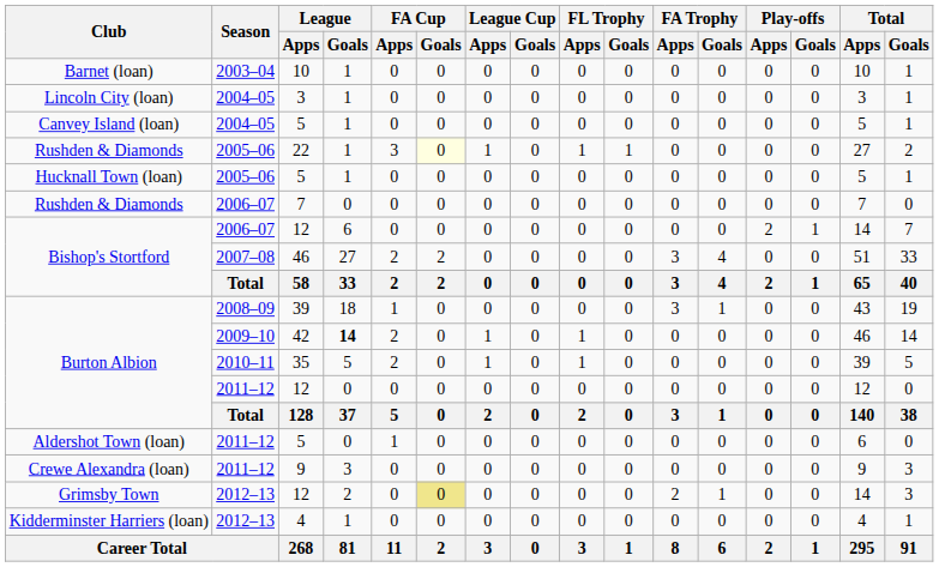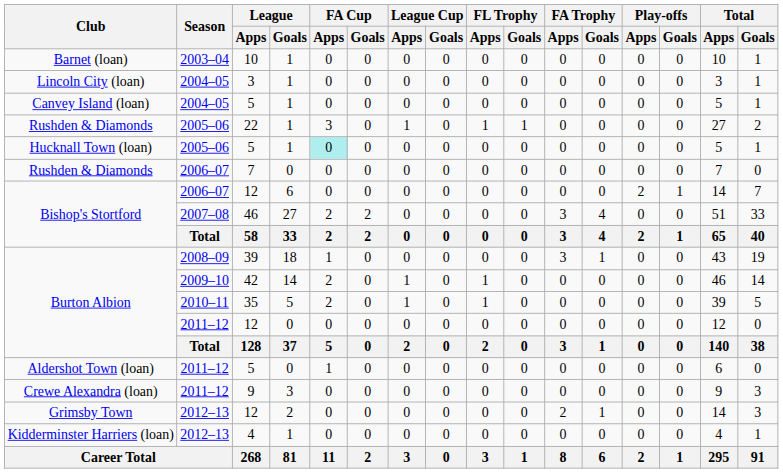 <table class="wikitable" style="text-align:center">
 <tr>
 <th rowspan=2>Club</th>
 <th rowspan=2>Season</th>
 <th colspan=2>League</th>
 <th colspan=2>FA Cup</th>
 <th colspan=2>League Cup</th>
 <th colspan=2>FL Trophy</th>
 <th colspan=2>FA Trophy</th>
 <th colspan=2>Play-offs</th>
 <th colspan=2>Total</th>
 </tr>
 <tr>
 <th>Apps</th>
 <th>Goals</th>
 <th>Apps</th>
 <th>Goals</th>
 <th>Apps</th>
 <th>Goals</th>
 <th>Apps</th>
 <th>Goals</th>
 <th>Apps</th>
 <th>Goals</th>
 <th>Apps</th>
 <th>Goals</th>
 <th>Apps</th>
 <th>Goals</th>
 </tr>
 <tr>
 <td rowspan=1 valign="center"><a href='#'>Barnet</a> (loan)</td>
 <td><a href='#'>2003–04</a></td>
 <td>10</td>
 <td>1</td>
 <td>0</td>
 <td>0</td>
 <td>0</td>
 <td>0</td>
 <td>0</td>
 <td>0</td>
 <td>0</td>
 <td>0</td>
 <td>0</td>
 <td>0</td>
 <td>10</td>
 <td>1</td>
 </tr>
 <tr>
 <td rowspan=1 valign="center"><a href='#'>Lincoln City</a> (loan)</td>
 <td><a href='#'>2004–05</a></td>
 <td>3</td>
 <td>1</td>
 <td>0</td>
 <td>0</td>
 <td>0</td>
 <td>0</td>
 <td>0</td>
 <td>0</td>
 <td>0</td>
 <td>0</td>
 <td>0</td>
 <td>0</td>
 <td>3</td>
 <td>1</td>
 </tr>
 <tr>
 <td rowspan=1 valign="center"><a href='#'>Canvey Island</a> (loan)</td>
 <td><a href='#'>2004–05</a></td>
 <td>5</td>
 <td>1</td>
 <td>0</td>
 <td>0</td>
 <td>0</td>
 <td>0</td>
 <td>0</td>
 <td>0</td>
 <td>0</td>
 <td>0</td>
 <td>0</td>
 <td>0</td>
 <td>5</td>
 <td>1</td>
 </tr>
 <tr>
 <td rowspan=1 valign="center"><a href='#'>Rushden & Diamonds</a></td>
 <td><a href='#'>2005–06</a></td>
 <td>22</td>
 <td>1</td>
 <td>3</td>
-<td style="background: lightyellow;">0</td>
+<td>0</td>
 <td>1</td>
 <td>0</td>
 <td>1</td>
 <td>1</td>
 <td>0</td>
 <td>0</td>
 <td>0</td>
 <td>0</td>
 <td>27</td>
 <td>2</td>
 </tr>
 <tr>
 <td rowspan=1 valign="center"><a href='#'>Hucknall Town</a> (loan)</td>
 <td><a href='#'>2005–06</a></td>
 <td>5</td>
 <td>1</td>
-<td>0</td>
+<td style="background: paleturquoise;">0</td>
 <td>0</td>
 <td>0</td>
 <td>0</td>
 <td>0</td>
 <td>0</td>
 <td>0</td>
 <td>0</td>
 <td>0</td>
 <td>0</td>
 <td>5</td>
 <td>1</td>
 </tr>
 <tr>
 <td rowspan=1 valign="center"><a href='#'>Rushden & Diamonds</a></td>
 <td><a href='#'>2006–07</a></td>
 <td>7</td>
 <td>0</td>
 <td>0</td>
 <td>0</td>
 <td>0</td>
 <td>0</td>
 <td>0</td>
 <td>0</td>
 <td>0</td>
 <td>0</td>
 <td>0</td>
 <td>0</td>
 <td>7</td>
 <td>0</td>
 </tr>
 <tr>
 <td rowspan=3 valign="center"><a href='#'>Bishop's Stortford</a></td>
 <td><a href='#'>2006–07</a></td>
 <td>12</td>
 <td>6</td>
 <td>0</td>
 <td>0</td>
 <td>0</td>
 <td>0</td>
 <td>0</td>
 <td>0</td>
 <td>0</td>
 <td>0</td>
 <td>2</td>
 <td>1</td>
 <td>14</td>
 <td>7</td>
 </tr>
 <tr>
 <td><a href='#'>2007–08</a></td>
 <td>46</td>
 <td>27</td>
 <td>2</td>
 <td>2</td>
 <td>0</td>
 <td>0</td>
 <td>0</td>
 <td>0</td>
 <td>3</td>
 <td>4</td>
 <td>0</td>
 <td>0</td>
 <td>51</td>
 <td>33</td>
 </tr>
 <tr>
 <th>Total</th>
 <th>58</th>
 <th>33</th>
 <th>2</th>
 <th>2</th>
 <th>0</th>
 <th>0</th>
 <th>0</th>
 <th>0</th>
 <th>3</th>
 <th>4</th>
 <th>2</th>
 <th>1</th>
 <th>65</th>
 <th>40</th>
 </tr>
 <tr>
 <td rowspan=5 valign="center"><a href='#'>Burton Albion</a></td>
 <td><a href='#'>2008–09</a></td>
 <td>39</td>
 <td>18</td>
 <td>1</td>
 <td>0</td>
 <td>0</td>
 <td>0</td>
 <td>0</td>
 <td>0</td>
 <td>3</td>
 <td>1</td>
 <td>0</td>
 <td>0</td>
 <td>43</td>
 <td>19</td>
 </tr>
 <tr>
 <td><a href='#'>2009–10</a></td>
 <td>42</td>
-<td><strong>14</strong></td>
+<td>14</td>
 <td>2</td>
 <td>0</td>
 <td>1</td>
 <td>0</td>
 <td>1</td>
 <td>0</td>
 <td>0</td>
 <td>0</td>
 <td>0</td>
 <td>0</td>
 <td>46</td>
 <td>14</td>
 </tr>
 <tr>
 <td><a href='#'>2010–11</a></td>
 <td>35</td>
 <td>5</td>
 <td>2</td>
 <td>0</td>
 <td>1</td>
 <td>0</td>
 <td>1</td>
 <td>0</td>
 <td>0</td>
 <td>0</td>
 <td>0</td>
 <td>0</td>
 <td>39</td>
 <td>5</td>
 </tr>
 <tr>
 <td><a href='#'>2011–12</a></td>
 <td>12</td>
 <td>0</td>
 <td>0</td>
 <td>0</td>
 <td>0</td>
 <td>0</td>
 <td>0</td>
 <td>0</td>
 <td>0</td>
 <td>0</td>
 <td>0</td>
 <td>0</td>
 <td>12</td>
 <td>0</td>
 </tr>
 <tr>
 <th>Total</th>
 <th>128</th>
 <th>37</th>
 <th>5</th>
 <th>0</th>
 <th>2</th>
 <th>0</th>
 <th>2</th>
 <th>0</th>
 <th>3</th>
 <th>1</th>
 <th>0</th>
 <th>0</th>
 <th>140</th>
 <th>38</th>
 </tr>
 <tr>
 <td rowspan=1 valign="center"><a href='#'>Aldershot Town</a> (loan)</td>
 <td><a href='#'>2011–12</a></td>
 <td>5</td>
 <td>0</td>
 <td>1</td>
 <td>0</td>
 <td>0</td>
 <td>0</td>
 <td>0</td>
 <td>0</td>
 <td>0</td>
 <td>0</td>
 <td>0</td>
 <td>0</td>
 <td>6</td>
 <td>0</td>
 </tr>
 <tr>
 <td rowspan=1 valign="center"><a href='#'>Crewe Alexandra</a> (loan)</td>
 <td><a href='#'>2011–12</a></td>
 <td>9</td>
 <td>3</td>
 <td>0</td>
 <td>0</td>
 <td>0</td>
 <td>0</td>
 <td>0</td>
 <td>0</td>
 <td>0</td>
 <td>0</td>
 <td>0</td>
 <td>0</td>
 <td>9</td>
 <td>3</td>
 </tr>
 <tr>
 <td rowspan=1 valign="center"><a href='#'>Grimsby Town</a></td>
 <td><a href='#'>2012–13</a></td>
 <td>12</td>
 <td>2</td>
 <td>0</td>
-<td style="background: khaki;">0</td>
+<td>0</td>
 <td>0</td>
 <td>0</td>
 <td>0</td>
 <td>0</td>
 <td>2</td>
 <td>1</td>
 <td>0</td>
 <td>0</td>
 <td>14</td>
 <td>3</td>
 </tr>
 <tr>
 <td rowspan=1 valign="center"><a href='#'>Kidderminster Harriers</a> (loan)</td>
 <td><a href='#'>2012–13</a></td>
 <td>4</td>
 <td>1</td>
 <td>0</td>
 <td>0</td>
 <td>0</td>
 <td>0</td>
 <td>0</td>
 <td>0</td>
 <td>0</td>
 <td>0</td>
 <td>0</td>
 <td>0</td>
 <td>4</td>
 <td>1</td>
 </tr>
 <tr>
 <th colspan=2>Career Total</th>
 <th>268</th>
 <th>81</th>
 <th>11</th>
 <th>2</th>
 <th>3</th>
 <th>0</th>
 <th>3</th>
 <th>1</th>
 <th>8</th>
 <th>6</th>
 <th>2</th>
 <th>1</th>
 <th>295</th>
 <th>91</th>
 </tr>
 </table>
